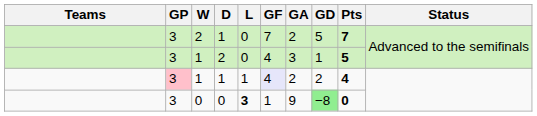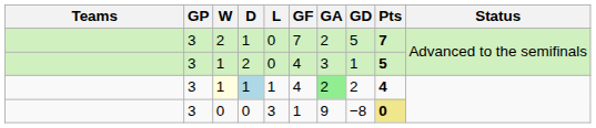 <table class="wikitable">
 <tr align=center bgcolor=#efefef>
 <th width=185>Teams</th>
 <th width=20>GP</th>
 <th width=20>W</th>
 <th width=20>D</th>
 <th width=20>L</th>
 <th width=20>GF</th>
 <th width=20>GA</th>
 <th width=20>GD</th>
 <th width=20>Pts</th>
 <th>Status</th>
 </tr>
 <tr bgcolor="#D0F0C0">
 <td style="text-align:left;"></td>
 <td>3</td>
 <td>2</td>
 <td>1</td>
 <td>0</td>
 <td>7</td>
 <td>2</td>
 <td>5</td>
 <td><strong>7</strong></td>
 <td rowspan=2>Advanced to the semifinals</td>
 </tr>
 <tr bgcolor="#D0F0C0">
 <td style="text-align:left;"></td>
 <td>3</td>
 <td>1</td>
 <td>2</td>
 <td>0</td>
 <td>4</td>
 <td>3</td>
 <td>1</td>
 <td><strong>5</strong></td>
 </tr>
 <tr>
 <td style="text-align:left;"></td>
-<td style="background: pink;">3</td>
+<td>3</td>
+<td style="background: lightyellow;">1</td>
+<td style="background: lightblue;">1</td>
 <td>1</td>
-<td>1</td>
-<td>1</td>
-<td style="background: lavender;">4</td>
-<td>2</td>
+<td>4</td>
+<td style="background: lightgreen;">2</td>
 <td>2</td>
 <td><strong>4</strong></td>
 </tr>
 <tr>
 <td style="text-align:left;"></td>
 <td>3</td>
 <td>0</td>
 <td>0</td>
-<td><strong>3</strong></td>
+<td>3</td>
 <td>1</td>
 <td>9</td>
-<td style="background: lightgreen;">−8</td>
-<td><strong>0</strong></td>
+<td>−8</td>
+<td style="background: khaki;"><strong>0</strong></td>
 </tr>
 </table>
